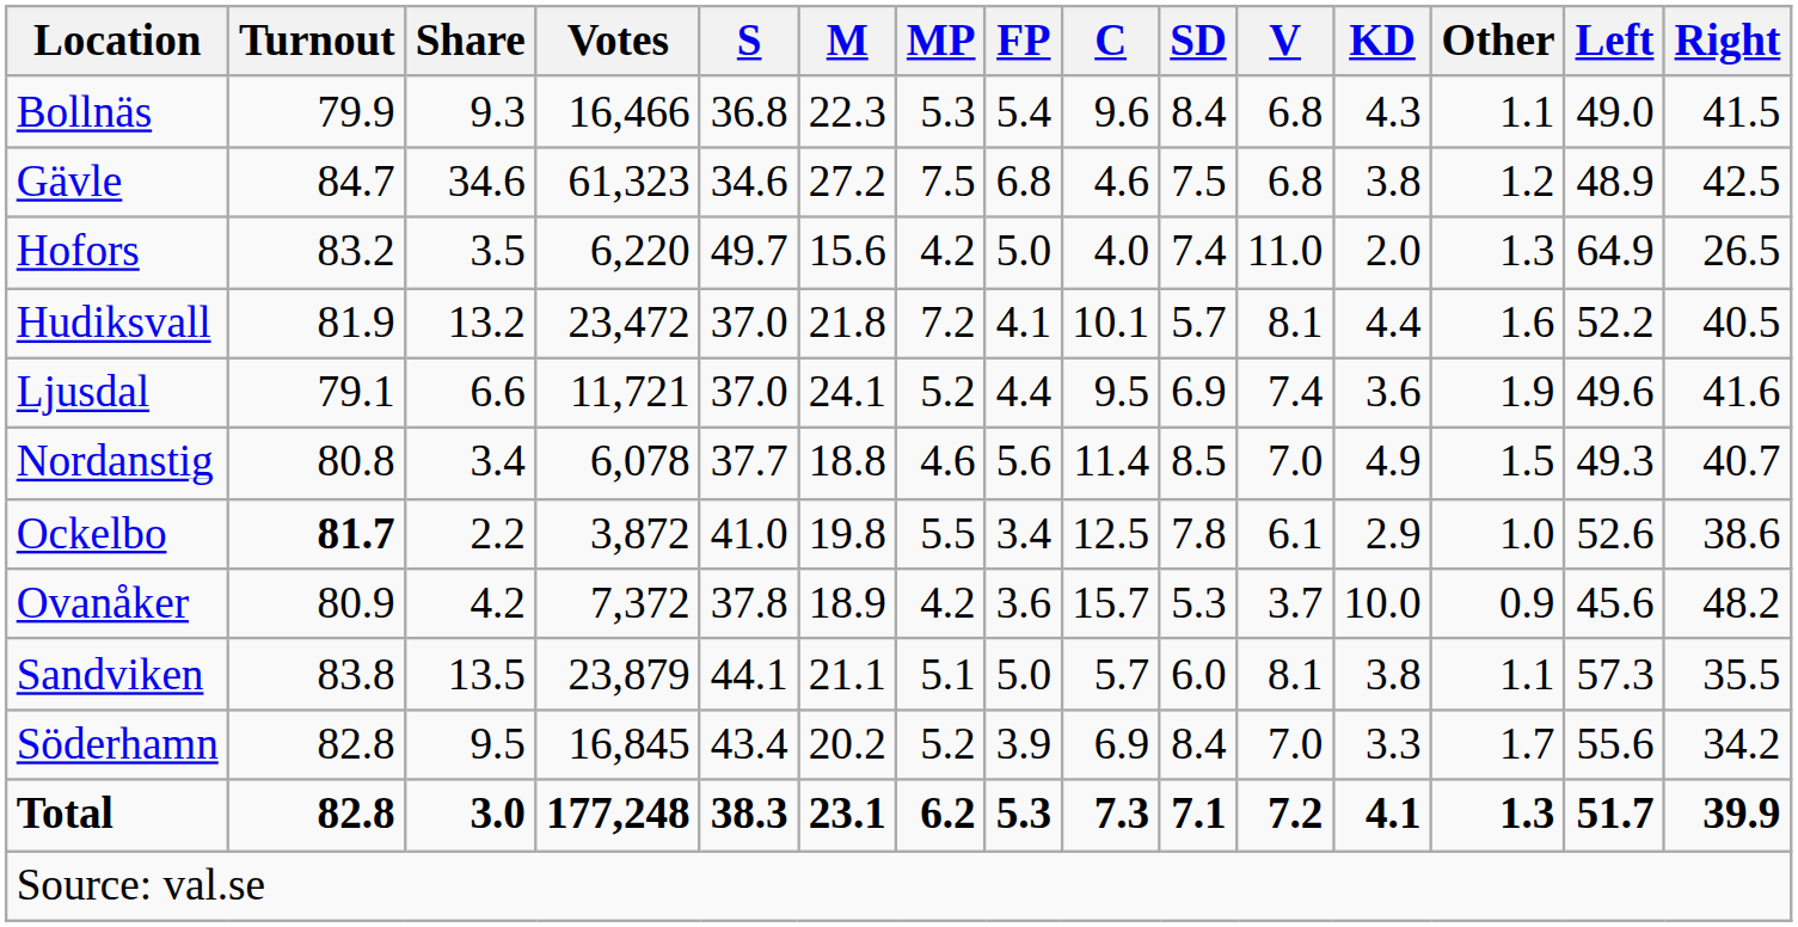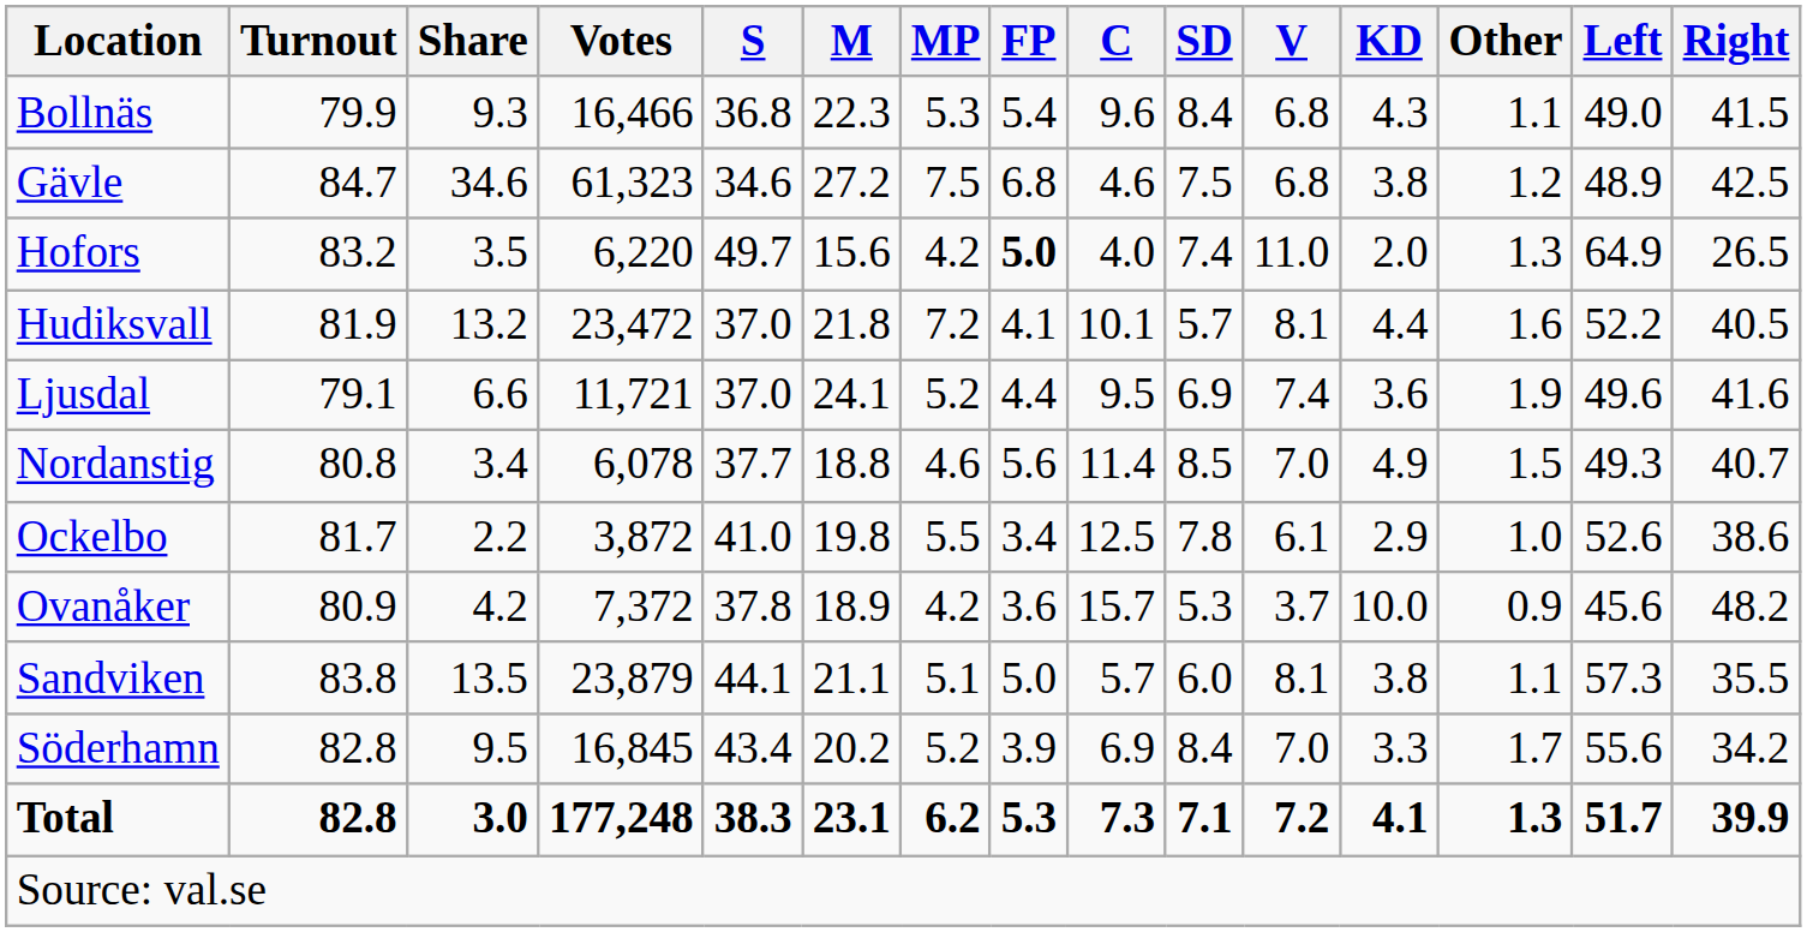 <table class="wikitable sortable" style=text-align:right>
 <tr>
 <th>Location</th>
 <th>Turnout</th>
 <th>Share</th>
 <th>Votes</th>
 <th><a href='#'>S</a></th>
 <th><a href='#'>M</a></th>
 <th><a href='#'>MP</a></th>
 <th><a href='#'>FP</a></th>
 <th><a href='#'>C</a></th>
 <th><a href='#'>SD</a></th>
 <th><a href='#'>V</a></th>
 <th><a href='#'>KD</a></th>
 <th>Other</th>
 <th><a href='#'>Left</a></th>
 <th><a href='#'>Right</a></th>
 </tr>
 <tr>
 <td align=left><a href='#'>Bollnäs</a></td>
 <td>79.9</td>
 <td>9.3</td>
 <td>16,466</td>
 <td>36.8</td>
 <td>22.3</td>
 <td>5.3</td>
 <td>5.4</td>
 <td>9.6</td>
 <td>8.4</td>
 <td>6.8</td>
 <td>4.3</td>
 <td>1.1</td>
 <td>49.0</td>
 <td>41.5</td>
 </tr>
 <tr>
 <td align=left><a href='#'>Gävle</a></td>
 <td>84.7</td>
 <td>34.6</td>
 <td>61,323</td>
 <td>34.6</td>
 <td>27.2</td>
 <td>7.5</td>
 <td>6.8</td>
 <td>4.6</td>
 <td>7.5</td>
 <td>6.8</td>
 <td>3.8</td>
 <td>1.2</td>
 <td>48.9</td>
 <td>42.5</td>
 </tr>
 <tr>
 <td align=left><a href='#'>Hofors</a></td>
 <td>83.2</td>
 <td>3.5</td>
 <td>6,220</td>
 <td>49.7</td>
 <td>15.6</td>
 <td>4.2</td>
-<td>5.0</td>
+<td><strong>5.0</strong></td>
 <td>4.0</td>
 <td>7.4</td>
 <td>11.0</td>
 <td>2.0</td>
 <td>1.3</td>
 <td>64.9</td>
 <td>26.5</td>
 </tr>
 <tr>
 <td align=left><a href='#'>Hudiksvall</a></td>
 <td>81.9</td>
 <td>13.2</td>
 <td>23,472</td>
 <td>37.0</td>
 <td>21.8</td>
 <td>7.2</td>
 <td>4.1</td>
 <td>10.1</td>
 <td>5.7</td>
 <td>8.1</td>
 <td>4.4</td>
 <td>1.6</td>
 <td>52.2</td>
 <td>40.5</td>
 </tr>
 <tr>
 <td align=left><a href='#'>Ljusdal</a></td>
 <td>79.1</td>
 <td>6.6</td>
 <td>11,721</td>
 <td>37.0</td>
 <td>24.1</td>
 <td>5.2</td>
 <td>4.4</td>
 <td>9.5</td>
 <td>6.9</td>
 <td>7.4</td>
 <td>3.6</td>
 <td>1.9</td>
 <td>49.6</td>
 <td>41.6</td>
 </tr>
 <tr>
 <td align=left><a href='#'>Nordanstig</a></td>
 <td>80.8</td>
 <td>3.4</td>
 <td>6,078</td>
 <td>37.7</td>
 <td>18.8</td>
 <td>4.6</td>
 <td>5.6</td>
 <td>11.4</td>
 <td>8.5</td>
 <td>7.0</td>
 <td>4.9</td>
 <td>1.5</td>
 <td>49.3</td>
 <td>40.7</td>
 </tr>
 <tr>
 <td align=left><a href='#'>Ockelbo</a></td>
-<td><strong>81.7</strong></td>
+<td>81.7</td>
 <td>2.2</td>
 <td>3,872</td>
 <td>41.0</td>
 <td>19.8</td>
 <td>5.5</td>
 <td>3.4</td>
 <td>12.5</td>
 <td>7.8</td>
 <td>6.1</td>
 <td>2.9</td>
 <td>1.0</td>
 <td>52.6</td>
 <td>38.6</td>
 </tr>
 <tr>
 <td align=left><a href='#'>Ovanåker</a></td>
 <td>80.9</td>
 <td>4.2</td>
 <td>7,372</td>
 <td>37.8</td>
 <td>18.9</td>
 <td>4.2</td>
 <td>3.6</td>
 <td>15.7</td>
 <td>5.3</td>
 <td>3.7</td>
 <td>10.0</td>
 <td>0.9</td>
 <td>45.6</td>
 <td>48.2</td>
 </tr>
 <tr>
 <td align=left><a href='#'>Sandviken</a></td>
 <td>83.8</td>
 <td>13.5</td>
 <td>23,879</td>
 <td>44.1</td>
 <td>21.1</td>
 <td>5.1</td>
 <td>5.0</td>
 <td>5.7</td>
 <td>6.0</td>
 <td>8.1</td>
 <td>3.8</td>
 <td>1.1</td>
 <td>57.3</td>
 <td>35.5</td>
 </tr>
 <tr>
 <td align=left><a href='#'>Söderhamn</a></td>
 <td>82.8</td>
 <td>9.5</td>
 <td>16,845</td>
 <td>43.4</td>
 <td>20.2</td>
 <td>5.2</td>
 <td>3.9</td>
 <td>6.9</td>
 <td>8.4</td>
 <td>7.0</td>
 <td>3.3</td>
 <td>1.7</td>
 <td>55.6</td>
 <td>34.2</td>
 </tr>
 <tr>
 <td align=left><strong>Total</strong></td>
 <td><strong>82.8</strong></td>
 <td><strong>3.0</strong></td>
 <td><strong>177,248</strong></td>
 <td><strong>38.3</strong></td>
 <td><strong>23.1</strong></td>
 <td><strong>6.2</strong></td>
 <td><strong>5.3</strong></td>
 <td><strong>7.3</strong></td>
 <td><strong>7.1</strong></td>
 <td><strong>7.2</strong></td>
 <td><strong>4.1</strong></td>
 <td><strong>1.3</strong></td>
 <td><strong>51.7</strong></td>
 <td><strong>39.9</strong></td>
 </tr>
 <tr>
 <td align=left colspan=15>Source: val.se </td>
 </tr>
 </table>
